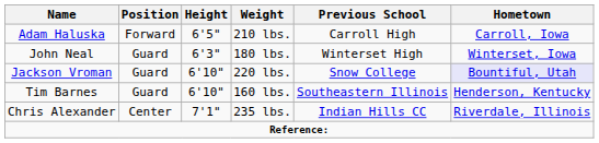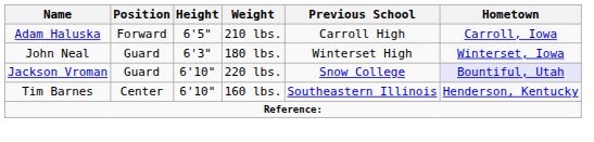 <table class="wikitable" style="text-align: center">
 <tr align=center>
 <th>Name</th>
 <th>Position</th>
 <th>Height</th>
 <th>Weight</th>
 <th>Previous School</th>
 <th>Hometown</th>
 </tr>
 <tr>
 <td><a href='#'>Adam Haluska</a></td>
 <td>Forward</td>
 <td>6'5"</td>
 <td>210 lbs.</td>
 <td>Carroll High</td>
 <td><a href='#'>Carroll, Iowa</a></td>
 </tr>
 <tr>
 <td>John Neal</td>
 <td>Guard</td>
 <td>6'3"</td>
 <td>180 lbs.</td>
 <td>Winterset High</td>
 <td><a href='#'>Winterset, Iowa</a></td>
 </tr>
 <tr>
 <td><a href='#'>Jackson Vroman</a></td>
 <td>Guard</td>
 <td>6'10"</td>
 <td>220 lbs.</td>
 <td><a href='#'>Snow College</a></td>
 <td style="background: lavender;"><a href='#'>Bountiful, Utah</a></td>
 </tr>
 <tr>
 <td>Tim Barnes</td>
-<td>Guard</td>
+<td>Center</td>
 <td>6'10"</td>
 <td>160 lbs.</td>
 <td><a href='#'>Southeastern Illinois</a></td>
 <td><a href='#'>Henderson, Kentucky</a></td>
 </tr>
 <tr>
-<td>Chris Alexander</td>
-<td>Center</td>
-<td>7'1"</td>
-<td>235 lbs.</td>
-<td><a href='#'>Indian Hills CC</a></td>
-<td><a href='#'>Riverdale, Illinois</a></td>
-</tr>
-<tr>
 <td colspan="6"  style="font-size:8pt; text-align:center;"><strong>Reference:</strong></td>
 </tr>
 </table>
